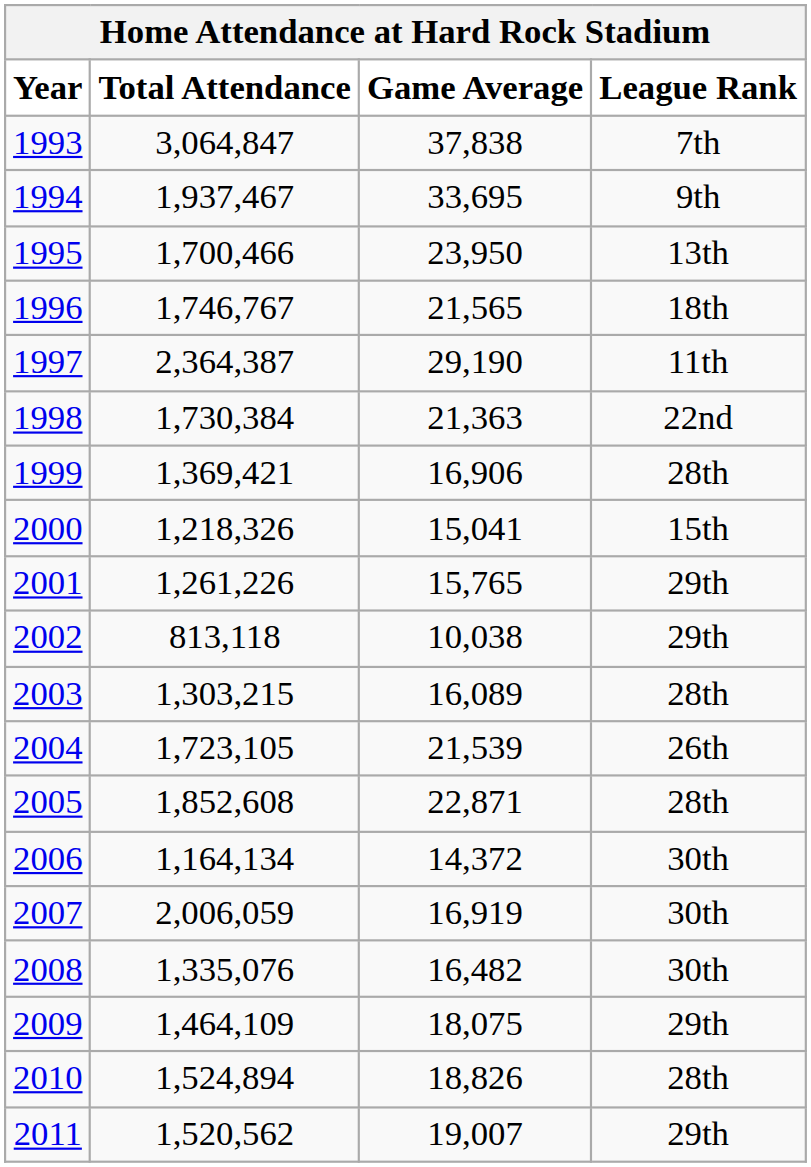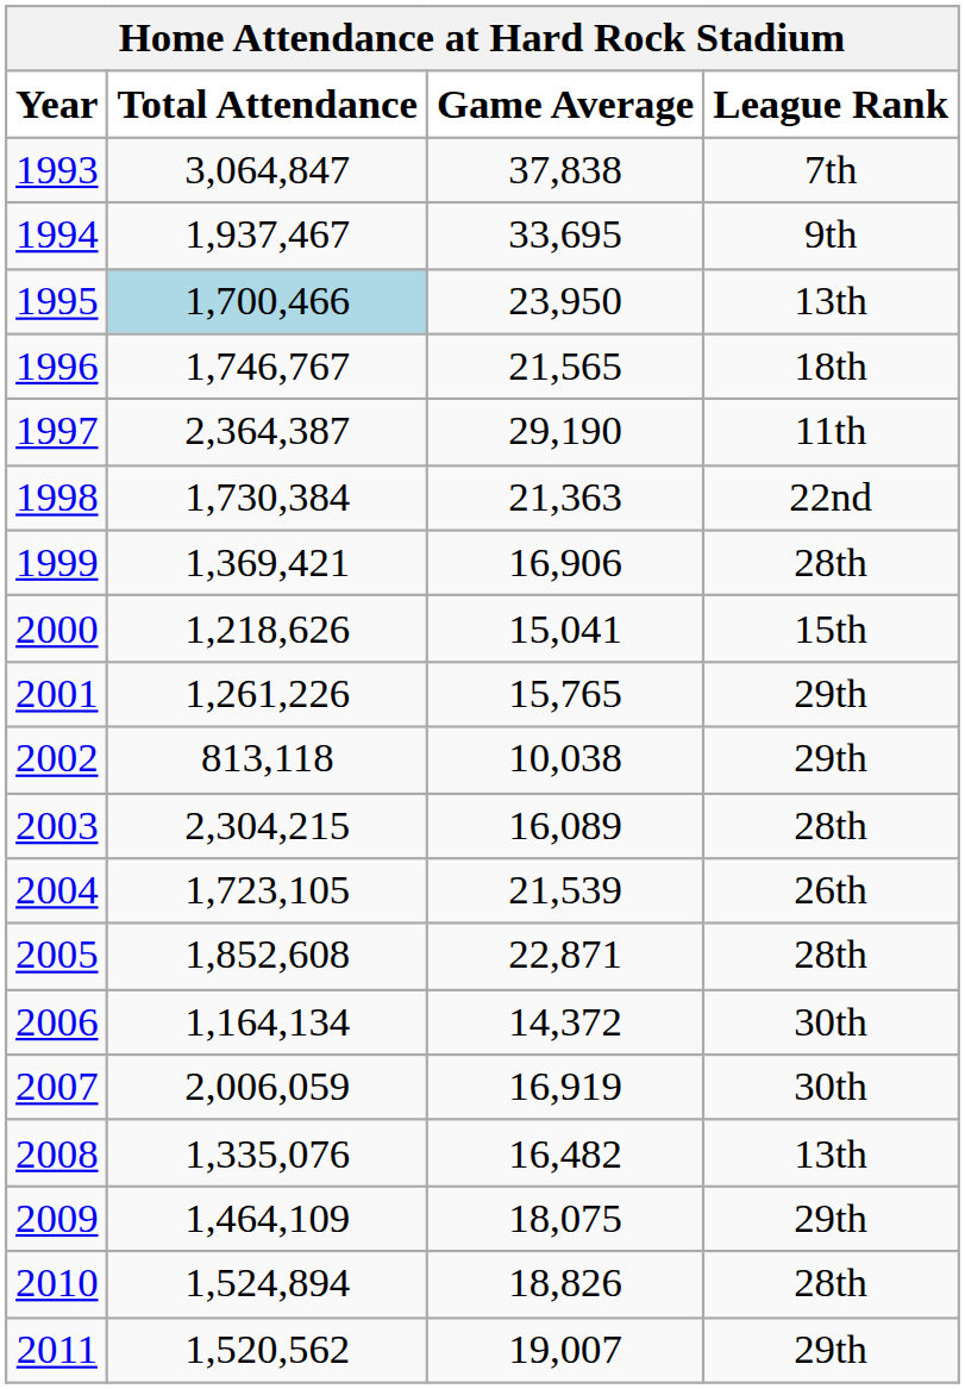 <table class="wikitable" style="text-align:center">
 <tr>
 <th colspan=5><strong>Home Attendance at Hard Rock Stadium</strong></th>
 </tr>
 <tr style="background:#FFFFFF; color:#000000;">
 <td><strong>Year</strong></td>
 <td><strong>Total Attendance</strong></td>
 <td><strong>Game Average</strong></td>
 <td><strong>League Rank</strong></td>
 </tr>
 <tr>
 <td><a href='#'>1993</a></td>
 <td>3,064,847</td>
 <td>37,838</td>
 <td>7th</td>
 </tr>
 <tr>
 <td><a href='#'>1994</a></td>
 <td>1,937,467</td>
 <td>33,695</td>
 <td>9th</td>
 </tr>
 <tr>
 <td><a href='#'>1995</a></td>
-<td>1,700,466</td>
+<td style="background: lightblue;">1,700,466</td>
 <td>23,950</td>
 <td>13th</td>
 </tr>
 <tr>
 <td><a href='#'>1996</a></td>
 <td>1,746,767</td>
 <td>21,565</td>
 <td>18th</td>
 </tr>
 <tr>
 <td><a href='#'>1997</a></td>
 <td>2,364,387</td>
 <td>29,190</td>
 <td>11th</td>
 </tr>
 <tr>
 <td><a href='#'>1998</a></td>
 <td>1,730,384</td>
 <td>21,363</td>
 <td>22nd</td>
 </tr>
 <tr>
 <td><a href='#'>1999</a></td>
 <td>1,369,421</td>
 <td>16,906</td>
 <td>28th</td>
 </tr>
 <tr>
 <td><a href='#'>2000</a></td>
-<td>1,218,326</td>
+<td>1,218,626</td>
 <td>15,041</td>
 <td>15th</td>
 </tr>
 <tr>
 <td><a href='#'>2001</a></td>
 <td>1,261,226</td>
 <td>15,765</td>
 <td>29th</td>
 </tr>
 <tr>
 <td><a href='#'>2002</a></td>
 <td>813,118</td>
 <td>10,038</td>
 <td>29th</td>
 </tr>
 <tr>
 <td><a href='#'>2003</a></td>
-<td>1,303,215</td>
+<td>2,304,215</td>
 <td>16,089</td>
 <td>28th</td>
 </tr>
 <tr>
 <td><a href='#'>2004</a></td>
 <td>1,723,105</td>
 <td>21,539</td>
 <td>26th</td>
 </tr>
 <tr>
 <td><a href='#'>2005</a></td>
 <td>1,852,608</td>
 <td>22,871</td>
 <td>28th</td>
 </tr>
 <tr>
 <td><a href='#'>2006</a></td>
 <td>1,164,134</td>
 <td>14,372</td>
 <td>30th</td>
 </tr>
 <tr>
 <td><a href='#'>2007</a></td>
 <td>2,006,059</td>
 <td>16,919</td>
 <td>30th</td>
 </tr>
 <tr>
 <td><a href='#'>2008</a></td>
 <td>1,335,076</td>
 <td>16,482</td>
-<td>30th</td>
+<td>13th</td>
 </tr>
 <tr>
 <td><a href='#'>2009</a></td>
 <td>1,464,109</td>
 <td>18,075</td>
 <td>29th</td>
 </tr>
 <tr>
 <td><a href='#'>2010</a></td>
 <td>1,524,894</td>
 <td>18,826</td>
 <td>28th</td>
 </tr>
 <tr>
 <td><a href='#'>2011</a></td>
 <td>1,520,562</td>
 <td>19,007</td>
 <td>29th</td>
 </tr>
 </table>
